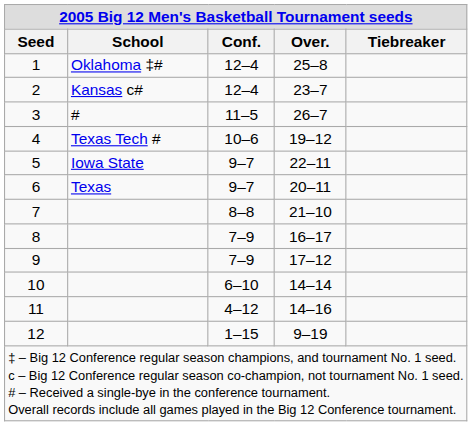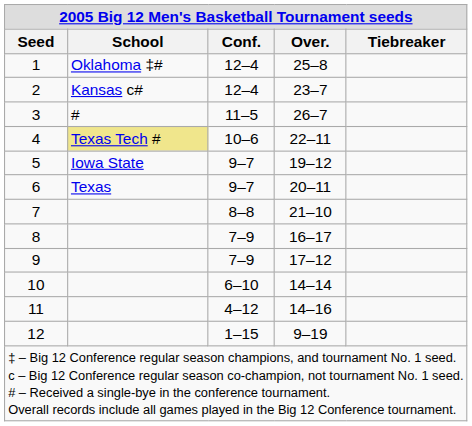 <table class="wikitable" style="white-space:nowrap; font-size:90%;text-align:center">
 <tr>
 <td colspan="10" style="text-align:center; background:#DDDDDD; font:#000000"><strong><a href='#'>2005 Big 12 Men's Basketball Tournament seeds</a></strong></td>
 </tr>
 <tr bgcolor="#efefef">
 <th>Seed</th>
 <th>School</th>
 <th>Conf.</th>
 <th>Over.</th>
 <th>Tiebreaker</th>
 </tr>
 <tr>
 <td>1</td>
 <td align=left><a href='#'>Oklahoma</a> ‡#</td>
 <td>12–4</td>
 <td>25–8</td>
 <td></td>
 </tr>
 <tr>
 <td>2</td>
 <td align=left><a href='#'>Kansas</a> c#</td>
 <td>12–4</td>
 <td>23–7</td>
 <td></td>
 </tr>
 <tr>
 <td>3</td>
 <td align=left> #</td>
 <td>11–5</td>
 <td>26–7</td>
 <td></td>
 </tr>
 <tr>
 <td>4</td>
-<td align=left><a href='#'>Texas Tech</a> #</td>
+<td align=left style="background: khaki;"><a href='#'>Texas Tech</a> #</td>
 <td>10–6</td>
-<td>19–12</td>
+<td>22–11</td>
 <td></td>
 </tr>
 <tr>
 <td>5</td>
 <td align=left><a href='#'>Iowa State</a></td>
 <td>9–7</td>
-<td>22–11</td>
+<td>19–12</td>
 <td></td>
 </tr>
 <tr>
 <td>6</td>
 <td align=left><a href='#'>Texas</a></td>
 <td>9–7</td>
 <td>20–11</td>
 <td></td>
 </tr>
 <tr>
 <td>7</td>
 <td align=left></td>
 <td>8–8</td>
 <td>21–10</td>
 <td></td>
 </tr>
 <tr>
 <td>8</td>
 <td align=left></td>
 <td>7–9</td>
 <td>16–17</td>
 <td></td>
 </tr>
 <tr>
 <td>9</td>
 <td align=left></td>
 <td>7–9</td>
 <td>17–12</td>
 <td></td>
 </tr>
 <tr>
 <td>10</td>
 <td align=left></td>
 <td>6–10</td>
 <td>14–14</td>
 <td></td>
 </tr>
 <tr>
 <td>11</td>
 <td align=left></td>
 <td>4–12</td>
 <td>14–16</td>
 <td></td>
 </tr>
 <tr>
 <td>12</td>
 <td align=left></td>
 <td>1–15</td>
 <td>9–19</td>
 <td></td>
 </tr>
 <tr>
 <td colspan="10" style="text-align:left;"><small>‡ – Big 12 Conference regular season champions, and tournament No. 1 seed.<br>c – Big 12 Conference regular season co-champion, not tournament No. 1 seed.<br># – Received a single-bye in the conference tournament.<br>Overall records include all games played in the Big 12 Conference tournament.</small></td>
 </tr>
 </table>
